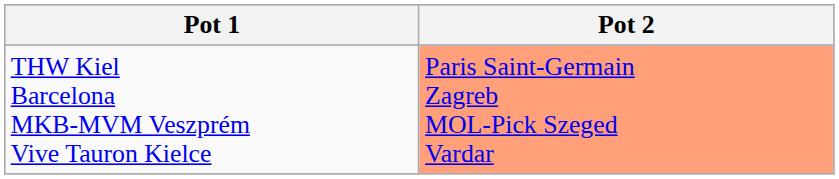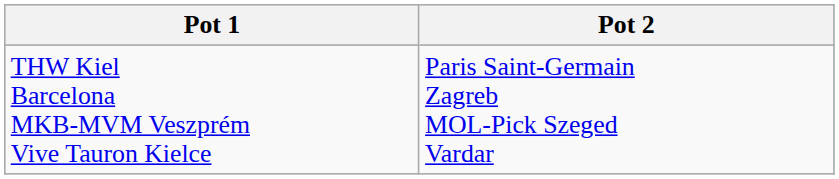 <table class="wikitable">
 <tr>
 <th width=250>Pot 1</th>
 <th width=250>Pot 2</th>
 </tr>
 <tr>
 <td valign="top"> <a href='#'>THW Kiel</a><br> <a href='#'>Barcelona</a><br> <a href='#'>MKB-MVM Veszprém</a><br> <a href='#'>Vive Tauron Kielce</a></td>
-<td valign="top" style="background: lightsalmon;"> <a href='#'>Paris Saint-Germain</a><br> <a href='#'>Zagreb</a><br> <a href='#'>MOL-Pick Szeged</a><br> <a href='#'>Vardar</a></td>
+<td valign="top"> <a href='#'>Paris Saint-Germain</a><br> <a href='#'>Zagreb</a><br> <a href='#'>MOL-Pick Szeged</a><br> <a href='#'>Vardar</a></td>
 </tr>
 </table>
